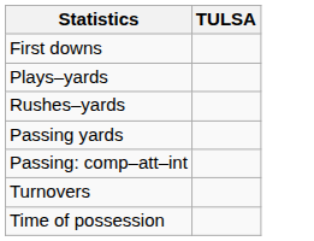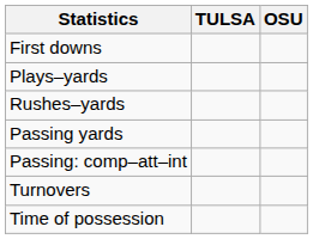 <table class="wikitable" style="float:left">
 <tr>
 <th>Statistics</th>
 <th>TULSA</th>
+<th>OSU</th>
 </tr>
 <tr>
 <td>First downs</td>
+<td></td>
 <td></td>
 </tr>
 <tr>
 <td>Plays–yards</td>
 <td></td>
+<td></td>
 </tr>
 <tr>
 <td>Rushes–yards</td>
+<td></td>
 <td></td>
 </tr>
 <tr>
 <td>Passing yards</td>
 <td></td>
+<td></td>
 </tr>
 <tr>
 <td>Passing: comp–att–int</td>
+<td></td>
 <td></td>
 </tr>
 <tr>
 <td>Turnovers</td>
 <td></td>
+<td></td>
 </tr>
 <tr>
 <td>Time of possession</td>
 <td></td>
+<td></td>
 </tr>
 </table>
